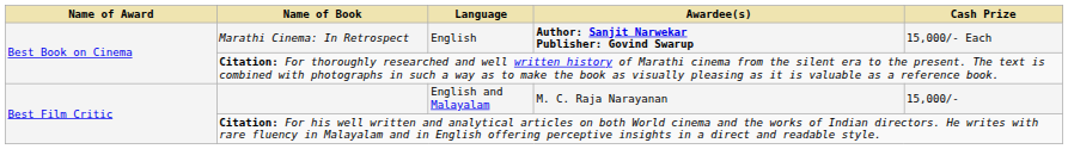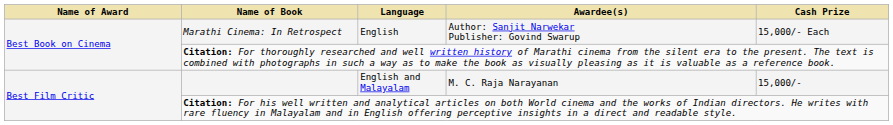 <table class="wikitable" style="width:100%;">
 <tr style="background-color:#F4F4F4">
 <th style="background-color:#EFE4B0;width:20%;">Name of Award</th>
 <th style="background-color:#EFE4B0;width:20%;">Name of Book</th>
 <th style="background-color:#EFE4B0;width:10%;">Language</th>
 <th style="background-color:#EFE4B0;width:35%;">Awardee(s)</th>
 <th style="background-color:#EFE4B0;width:15%;">Cash Prize</th>
 </tr>
 <tr style="background-color:#F4F4F4">
 <td rowspan="2"><a href='#'>Best Book on Cinema</a></td>
 <td><em>Marathi Cinema: In Retrospect</em></td>
 <td>English</td>
-<td><strong>Author: <a href='#'>Sanjit Narwekar</a><br>Publisher: Govind Swarup</strong></td>
+<td>Author: <a href='#'>Sanjit Narwekar</a><br>Publisher: Govind Swarup</td>
 <td>15,000/- Each</td>
 </tr>
 <tr style="background-color:#F9F9F9">
 <td colspan="4"><strong>Citation:</strong> <em>For thoroughly researched and well <a href='#'>written history</a> of Marathi cinema from the silent era to the present. The text is combined with photographs in such a way as to make the book as visually pleasing as it is valuable as a reference book.</em></td>
 </tr>
 <tr style="background-color:#F4F4F4">
 <td rowspan="2"><a href='#'>Best Film Critic</a></td>
 <td></td>
 <td>English and <a href='#'>Malayalam</a></td>
 <td>M. C. Raja Narayanan</td>
 <td>15,000/-</td>
 </tr>
 <tr style="background-color:#F9F9F9">
 <td colspan="4"><strong>Citation:</strong> <em>For his well written and analytical articles on both World cinema and the works of Indian directors. He writes with rare fluency in Malayalam and in English offering perceptive insights in a direct and readable style.</em></td>
 </tr>
 </table>
